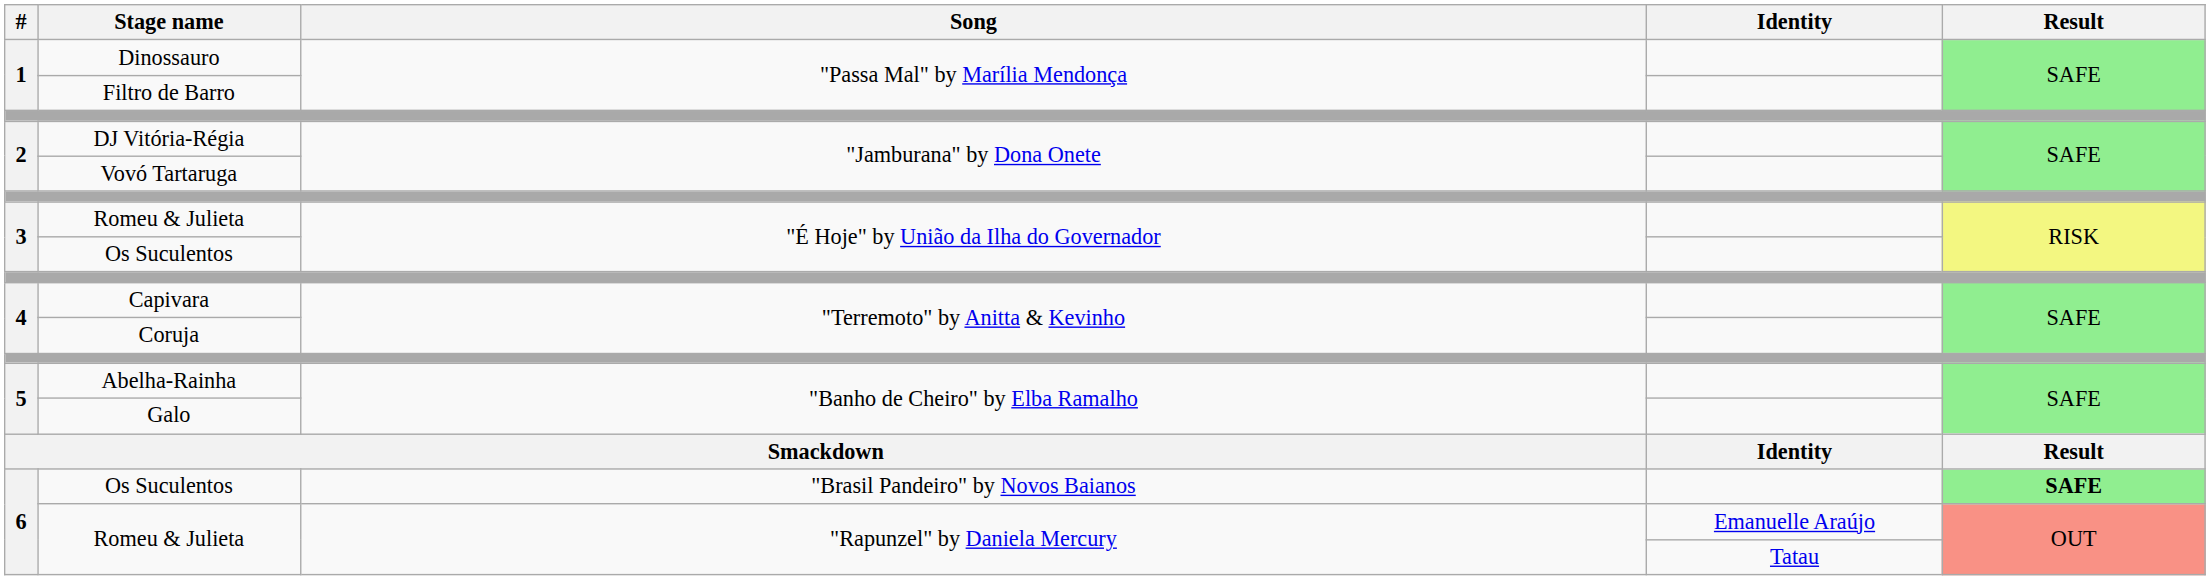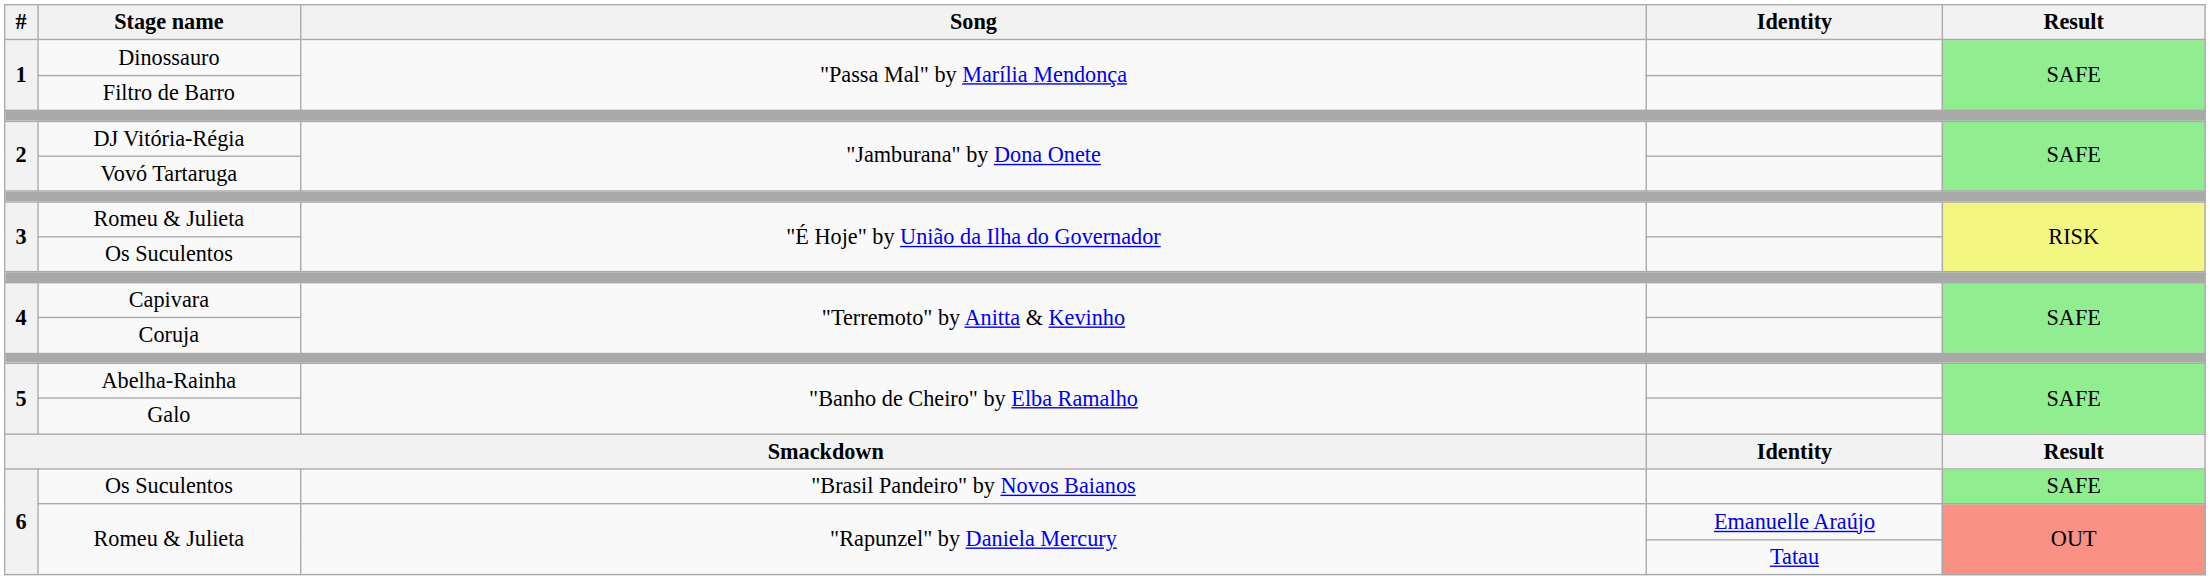 <table class="wikitable plainrowheaders" style="text-align:center; width:100%;">
 <tr>
 <th width="01%">#</th>
 <th width="08%">Stage name</th>
 <th width="41%">Song</th>
 <th width="09%">Identity</th>
 <th width="08%" colspan=2>Result</th>
 </tr>
 <tr>
 <th rowspan="2">1</th>
 <td>Dinossauro</td>
 <td rowspan="2">"Passa Mal" by <a href='#'>Marília Mendonça</a></td>
 <td></td>
 <td rowspan="2" bgcolor="#90EE90">SAFE</td>
 </tr>
 <tr>
 <td>Filtro de Barro</td>
 <td></td>
 </tr>
 <tr>
 <td bgcolor="#A9A9A9" colspan="6"></td>
 </tr>
 <tr>
 <th rowspan="2">2</th>
 <td>DJ Vitória-Régia</td>
 <td rowspan="2">"Jamburana" by <a href='#'>Dona Onete</a></td>
 <td></td>
 <td rowspan="2" bgcolor="#90EE90">SAFE</td>
 </tr>
 <tr>
 <td>Vovó Tartaruga</td>
 <td></td>
 </tr>
 <tr>
 <td colspan="6" bgcolor="#A9A9A9"></td>
 </tr>
 <tr>
 <th rowspan="2">3</th>
 <td>Romeu & Julieta</td>
 <td rowspan="2">"É Hoje" by <a href='#'>União da Ilha do Governador</a></td>
 <td></td>
 <td rowspan="2" bgcolor="#F3F781">RISK</td>
 </tr>
 <tr>
 <td>Os Suculentos</td>
 <td></td>
 </tr>
 <tr>
 <td colspan="6" bgcolor="#A9A9A9"></td>
 </tr>
 <tr>
 <th rowspan="2">4</th>
 <td>Capivara</td>
 <td rowspan="2">"Terremoto" by <a href='#'>Anitta</a> & <a href='#'>Kevinho</a></td>
 <td></td>
 <td rowspan="2" bgcolor="#90EE90">SAFE</td>
 </tr>
 <tr>
 <td>Coruja</td>
 <td></td>
 </tr>
 <tr>
 <td colspan="6" bgcolor="#A9A9A9"></td>
 </tr>
 <tr>
 <th rowspan="2">5</th>
 <td>Abelha-Rainha</td>
 <td rowspan="2">"Banho de Cheiro" by <a href='#'>Elba Ramalho</a></td>
 <td></td>
 <td rowspan="2" bgcolor="#90EE90">SAFE</td>
 </tr>
 <tr>
 <td>Galo</td>
 <td></td>
 </tr>
 <tr>
 <th colspan="3">Smackdown</th>
 <th>Identity</th>
 <th>Result</th>
 </tr>
 <tr>
 <th rowspan="3">6</th>
 <td>Os Suculentos</td>
 <td>"Brasil Pandeiro" by <a href='#'>Novos Baianos</a></td>
 <td></td>
-<td bgcolor="#90EE90"><strong>SAFE</strong></td>
+<td bgcolor="#90EE90">SAFE</td>
 </tr>
 <tr>
 <td rowspan="2">Romeu & Julieta</td>
 <td rowspan="2">"Rapunzel" by <a href='#'>Daniela Mercury</a></td>
 <td><a href='#'>Emanuelle Araújo</a></td>
 <td rowspan="2" bgcolor="#F99185">OUT</td>
 </tr>
 <tr>
 <td><a href='#'>Tatau</a></td>
 </tr>
 </table>
